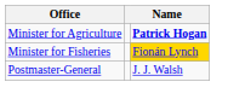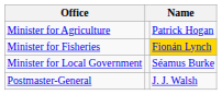 <table class="wikitable">
 <tr>
 <th>Office</th>
 <th colspan="2">Name</th>
 </tr>
 <tr>
 <td><a href='#'>Minister for Agriculture</a></td>
 <td style="background-color: "></td>
-<td><strong><a href='#'>Patrick Hogan</a></strong></td>
+<td><a href='#'>Patrick Hogan</a></td>
 </tr>
 <tr>
 <td><a href='#'>Minister for Fisheries</a></td>
 <td style="background-color: "></td>
 <td style="background: gold;"><a href='#'>Fionán Lynch</a></td>
 </tr>
 <tr>
+<td><a href='#'>Minister for Local Government</a></td>
+<td style="background-color: "></td>
+<td><a href='#'>Séamus Burke</a></td>
+</tr>
+<tr>
 <td><a href='#'>Postmaster-General</a></td>
 <td style="background-color: "></td>
 <td><a href='#'>J. J. Walsh</a></td>
 </tr>
 </table>
